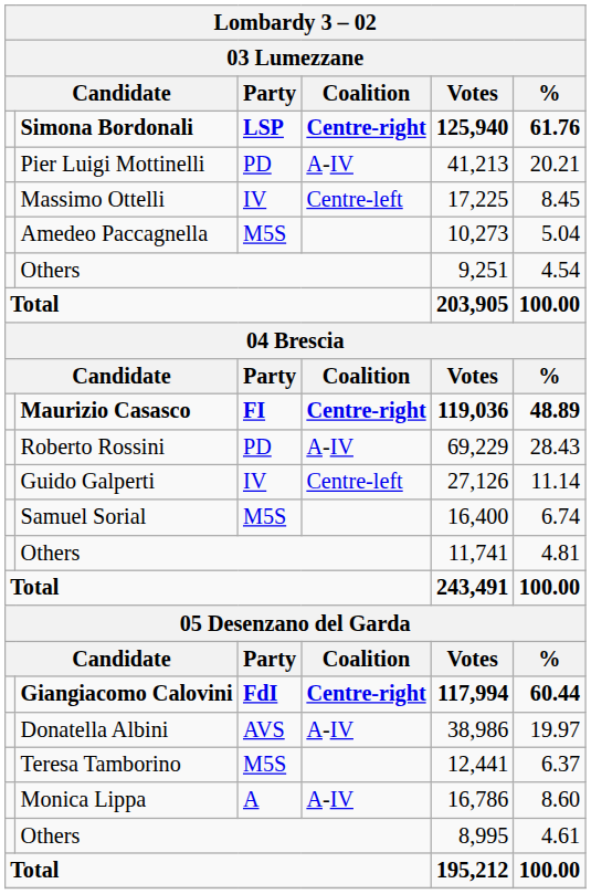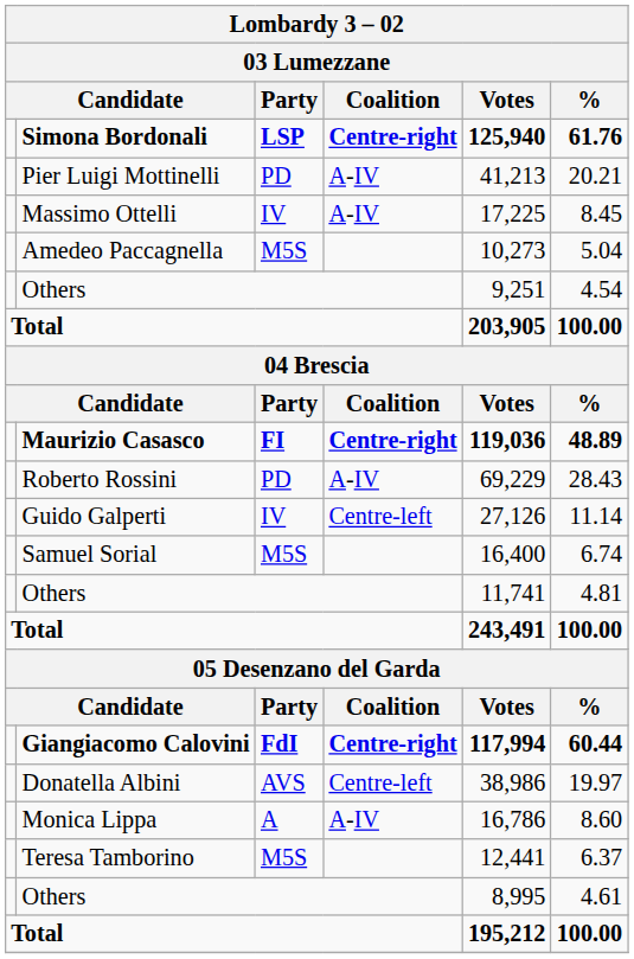 <table class=wikitable style=text-align:right>
 <tr>
 <th colspan=6>Lombardy 3 – 02</th>
 </tr>
 <tr>
 <th colspan=6>03 Lumezzane</th>
 </tr>
 <tr>
 <th colspan=2>Candidate</th>
 <th>Party</th>
 <th>Coalition</th>
 <th>Votes</th>
 <th>%</th>
 </tr>
 <tr>
 <td></td>
 <td align=left><strong>Simona Bordonali</strong></td>
 <td align=left><strong><a href='#'>LSP</a></strong></td>
 <td align=left><strong><a href='#'>Centre-right</a></strong></td>
 <td><strong>125,940</strong></td>
 <td><strong>61.76</strong></td>
 </tr>
 <tr>
 <td></td>
 <td align=left>Pier Luigi Mottinelli</td>
 <td align=left><a href='#'>PD</a></td>
 <td align=left><a href='#'>A</a>-<a href='#'>IV</a></td>
 <td>41,213</td>
 <td>20.21</td>
 </tr>
 <tr>
 <td></td>
 <td align=left>Massimo Ottelli</td>
 <td align=left><a href='#'>IV</a></td>
-<td align=left><a href='#'>Centre-left</a></td>
+<td align=left><a href='#'>A</a>-<a href='#'>IV</a></td>
 <td>17,225</td>
 <td>8.45</td>
 </tr>
 <tr>
 <td></td>
 <td align=left>Amedeo Paccagnella</td>
 <td align=left><a href='#'>M5S</a></td>
 <td></td>
 <td>10,273</td>
 <td>5.04</td>
 </tr>
 <tr>
 <td></td>
 <td align=left colspan=3>Others</td>
 <td>9,251</td>
 <td>4.54</td>
 </tr>
 <tr>
 <td align=left colspan=4><strong>Total</strong></td>
 <td><strong>203,905</strong></td>
 <td><strong>100.00</strong></td>
 </tr>
 <tr>
 <th colspan=6>04 Brescia</th>
 </tr>
 <tr>
 <th colspan=2>Candidate</th>
 <th>Party</th>
 <th>Coalition</th>
 <th>Votes</th>
 <th>%</th>
 </tr>
 <tr>
 <td></td>
 <td align=left><strong>Maurizio Casasco</strong></td>
 <td align=left><strong><a href='#'>FI</a></strong></td>
 <td align=left><strong><a href='#'>Centre-right</a></strong></td>
 <td><strong>119,036</strong></td>
 <td><strong>48.89</strong></td>
 </tr>
 <tr>
 <td></td>
 <td align=left>Roberto Rossini</td>
 <td align=left><a href='#'>PD</a></td>
 <td align=left><a href='#'>A</a>-<a href='#'>IV</a></td>
 <td>69,229</td>
 <td>28.43</td>
 </tr>
 <tr>
 <td></td>
 <td align=left>Guido Galperti</td>
 <td align=left><a href='#'>IV</a></td>
 <td align=left><a href='#'>Centre-left</a></td>
 <td>27,126</td>
 <td>11.14</td>
 </tr>
 <tr>
 <td></td>
 <td align=left>Samuel Sorial</td>
 <td align=left><a href='#'>M5S</a></td>
 <td></td>
 <td>16,400</td>
 <td>6.74</td>
 </tr>
 <tr>
 <td></td>
 <td align=left colspan=3>Others</td>
 <td>11,741</td>
 <td>4.81</td>
 </tr>
 <tr>
 <td align=left colspan=4><strong>Total</strong></td>
 <td><strong>243,491</strong></td>
 <td><strong>100.00</strong></td>
 </tr>
 <tr>
 <th colspan=6>05 Desenzano del Garda</th>
 </tr>
 <tr>
 <th colspan=2>Candidate</th>
 <th>Party</th>
 <th>Coalition</th>
 <th>Votes</th>
 <th>%</th>
 </tr>
 <tr>
 <td></td>
 <td align=left><strong>Giangiacomo Calovini</strong></td>
 <td align=left><strong><a href='#'>FdI</a></strong></td>
 <td align=left><strong><a href='#'>Centre-right</a></strong></td>
 <td><strong>117,994</strong></td>
 <td><strong>60.44</strong></td>
 </tr>
 <tr>
 <td></td>
 <td align=left>Donatella Albini</td>
 <td align=left><a href='#'>AVS</a></td>
-<td align=left><a href='#'>A</a>-<a href='#'>IV</a></td>
+<td align=left><a href='#'>Centre-left</a></td>
 <td>38,986</td>
 <td>19.97</td>
+</tr>
+<tr>
+<td></td>
+<td align=left>Monica Lippa</td>
+<td align=left><a href='#'>A</a></td>
+<td align=left><a href='#'>A</a>-<a href='#'>IV</a></td>
+<td>16,786</td>
+<td>8.60</td>
 </tr>
 <tr>
 <td></td>
 <td align=left>Teresa Tamborino</td>
 <td align=left><a href='#'>M5S</a></td>
 <td></td>
 <td>12,441</td>
 <td>6.37</td>
-</tr>
-<tr>
-<td></td>
-<td align=left>Monica Lippa</td>
-<td align=left><a href='#'>A</a></td>
-<td align=left><a href='#'>A</a>-<a href='#'>IV</a></td>
-<td>16,786</td>
-<td>8.60</td>
 </tr>
 <tr>
 <td></td>
 <td align=left colspan=3>Others</td>
 <td>8,995</td>
 <td>4.61</td>
 </tr>
 <tr>
 <td align=left colspan=4><strong>Total</strong></td>
 <td><strong>195,212</strong></td>
 <td><strong>100.00</strong></td>
 </tr>
 <tr>
 </tr>
 </table>
